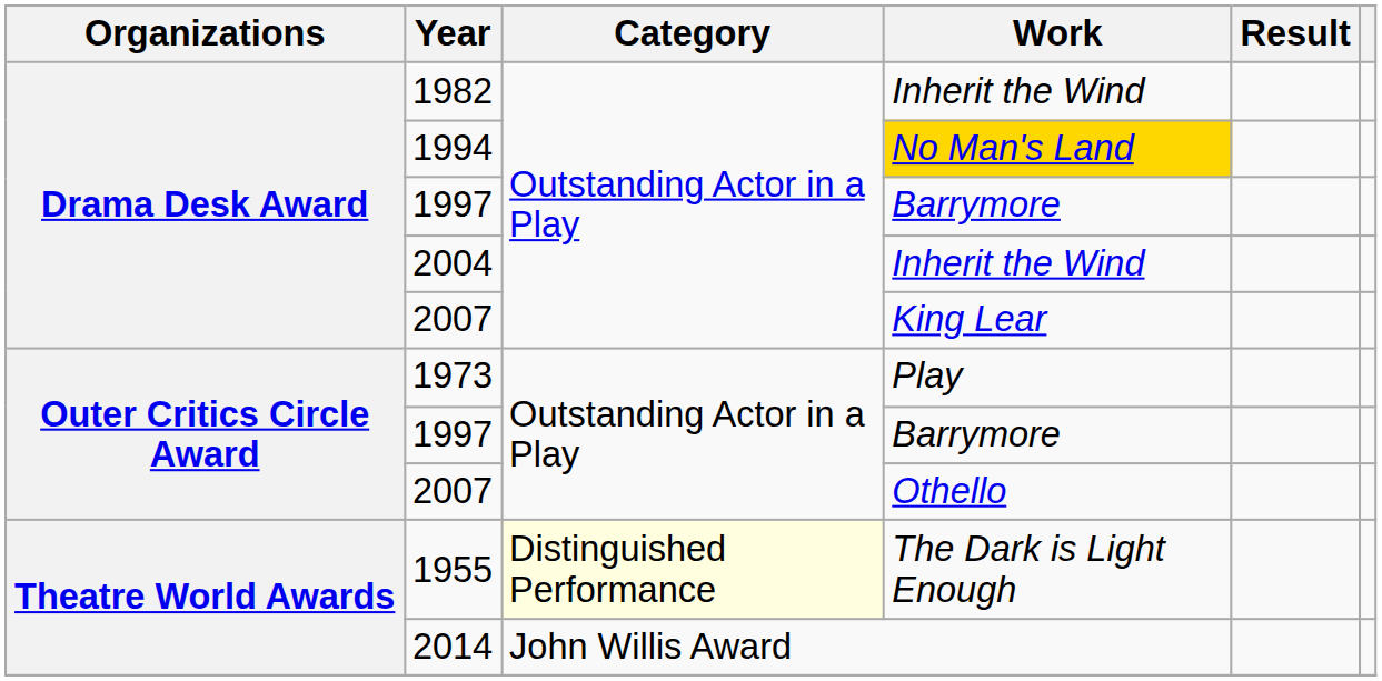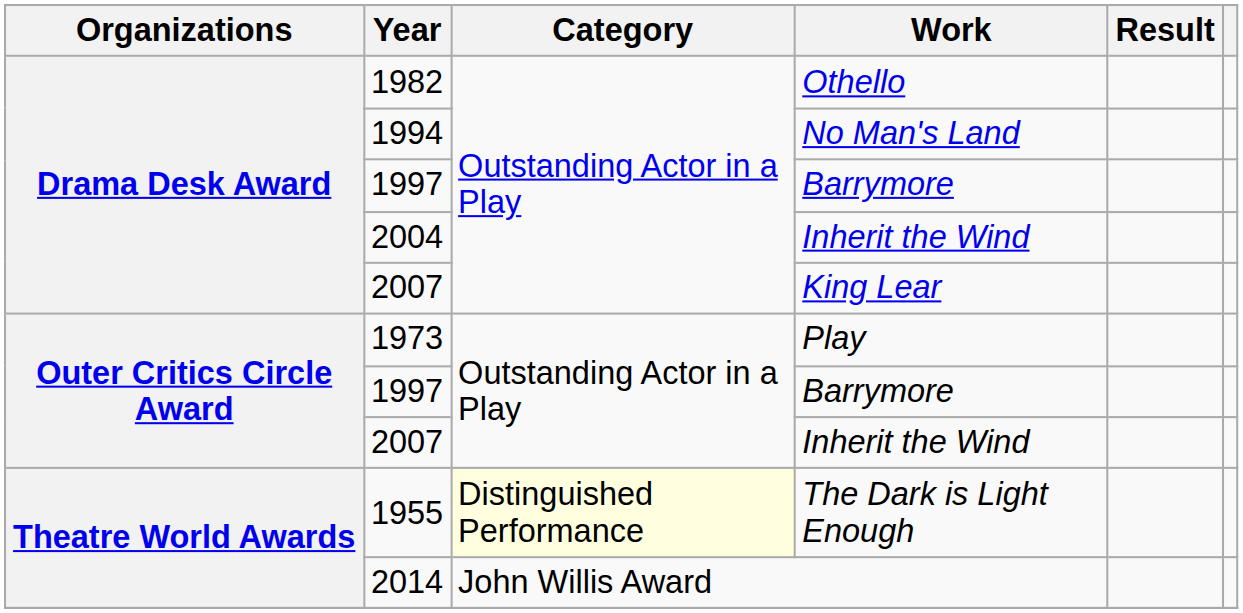 <table class= "wikitable plainrowheaders sortable">
 <tr>
 <th>Organizations</th>
 <th scope="col">Year</th>
 <th scope="col">Category</th>
 <th scope="col">Work</th>
 <th scope="col">Result</th>
 <th scope="col" class="unsortable"></th>
 </tr>
 <tr>
 <th scope="row" rowspan="5"><a href='#'>Drama Desk Award</a></th>
 <td style="text-align:center;">1982</td>
 <td rowspan="5"><a href='#'>Outstanding Actor in a Play</a></td>
-<td><em>Inherit the Wind</em></td>
+<td><em><a href='#'>Othello</a></em></td>
 <td></td>
 <td></td>
 </tr>
 <tr>
 <td style="text-align:center;">1994</td>
-<td style="background: gold;"><em><a href='#'>No Man's Land</a></em></td>
+<td><em><a href='#'>No Man's Land</a></em></td>
 <td></td>
 <td></td>
 </tr>
 <tr>
 <td style="text-align:center;">1997</td>
 <td><em><a href='#'>Barrymore</a></em></td>
 <td></td>
 <td></td>
 </tr>
 <tr>
 <td style="text-align:center;">2004</td>
 <td><em><a href='#'>Inherit the Wind</a></em></td>
 <td></td>
 <td></td>
 </tr>
 <tr>
 <td style="text-align:center;">2007</td>
 <td><em><a href='#'>King Lear</a></em></td>
 <td></td>
 <td></td>
 </tr>
 <tr>
 <th scope="row" rowspan="3"><a href='#'>Outer Critics Circle Award</a></th>
 <td style="text-align:center;">1973</td>
 <td rowspan=3>Outstanding Actor in a Play</td>
 <td><em>Play</em></td>
 <td></td>
 <td></td>
 </tr>
 <tr>
 <td style="text-align:center;">1997</td>
 <td><em>Barrymore</em></td>
 <td></td>
 <td></td>
 </tr>
 <tr>
 <td style="text-align:center;">2007</td>
-<td><em><a href='#'>Othello</a></em></td>
+<td><em>Inherit the Wind</em></td>
 <td></td>
 <td></td>
 </tr>
 <tr>
 <th scope="row" rowspan="2"><a href='#'>Theatre World Awards</a></th>
 <td style="text-align:center;">1955</td>
 <td style="background: lightyellow;">Distinguished Performance</td>
 <td><em>The Dark is Light Enough</em></td>
 <td></td>
 <td></td>
 </tr>
 <tr>
 <td style="text-align:center;">2014</td>
 <td colspan=2>John Willis Award</td>
 <td></td>
 <td></td>
 </tr>
 <tr>
 </tr>
 </table>
